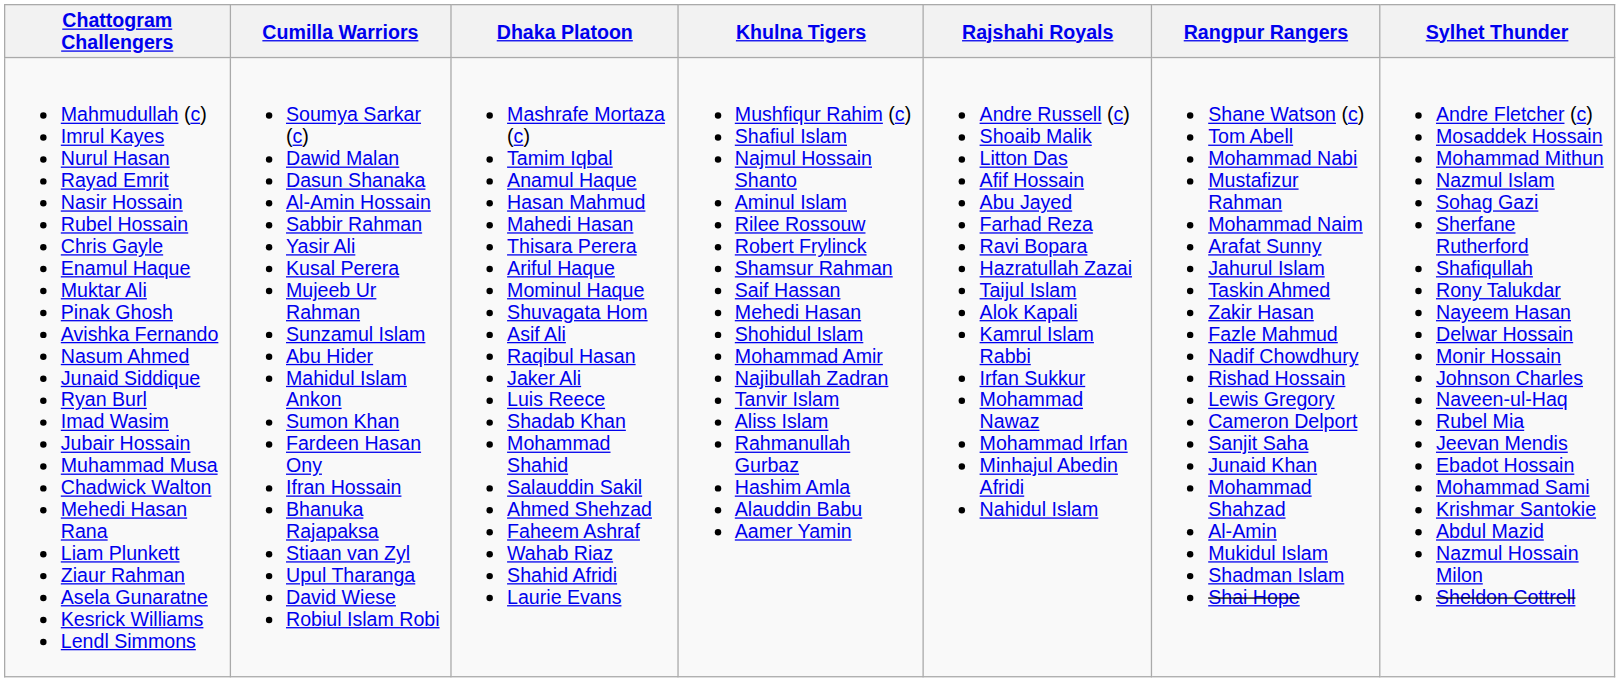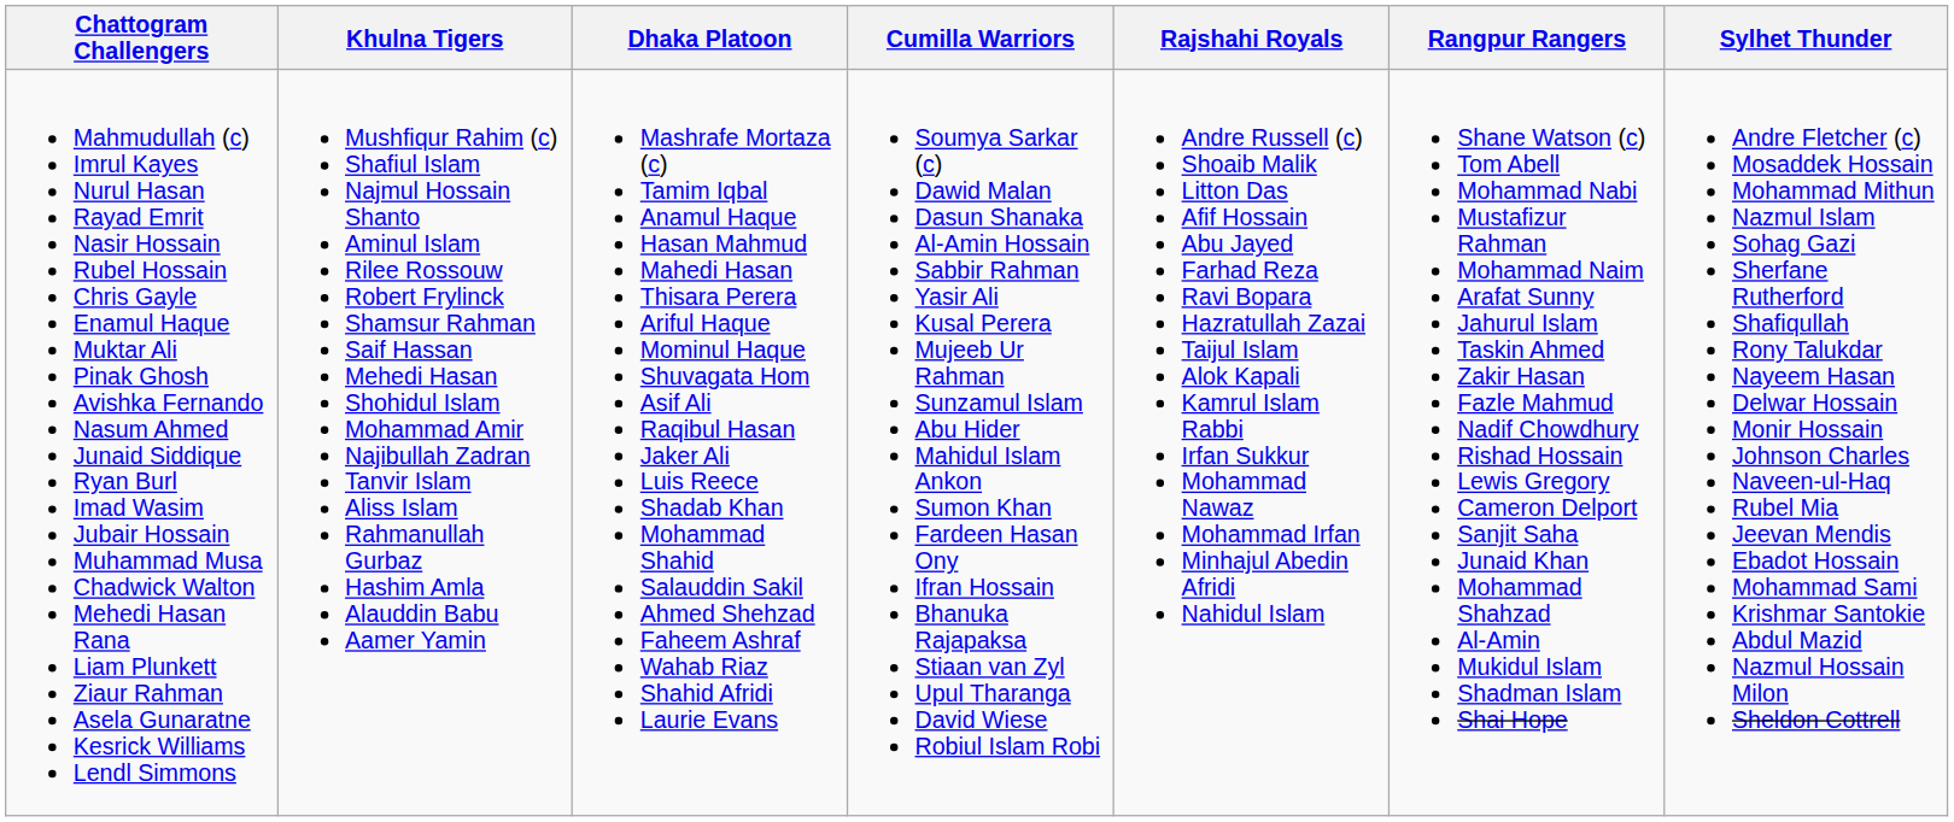 <table class="wikitable" Style="font-size:95%;">
 <tr>
 <th><a href='#'>Chattogram Challengers</a> <br><small></small></th>
+<th><a href='#'>Khulna Tigers</a> <br><small></small></th>
+<th><a href='#'>Dhaka Platoon</a> <br><small></small></th>
 <th><a href='#'>Cumilla Warriors</a> <br><small></small></th>
-<th><a href='#'>Dhaka Platoon</a> <br><small></small></th>
-<th><a href='#'>Khulna Tigers</a> <br><small></small></th>
 <th><a href='#'>Rajshahi Royals</a> <br><small></small></th>
 <th><a href='#'>Rangpur Rangers</a> <br><small></small></th>
 <th><a href='#'>Sylhet Thunder</a> <br><small></small></th>
 </tr>
 <tr>
 <td valign=top><br><ul><li><a href='#'>Mahmudullah</a> (<a href='#'>c</a>)</li><li><a href='#'>Imrul Kayes</a></li><li><a href='#'>Nurul Hasan</a></li><li><a href='#'>Rayad Emrit</a></li><li><a href='#'>Nasir Hossain</a></li><li><a href='#'>Rubel Hossain</a></li><li><a href='#'>Chris Gayle</a></li><li><a href='#'>Enamul Haque</a></li><li><a href='#'>Muktar Ali</a></li><li><a href='#'>Pinak Ghosh</a></li><li><a href='#'>Avishka Fernando</a></li><li><a href='#'>Nasum Ahmed</a></li><li><a href='#'>Junaid Siddique</a></li><li><a href='#'>Ryan Burl</a></li><li><a href='#'>Imad Wasim</a></li><li><a href='#'>Jubair Hossain</a></li><li><a href='#'>Muhammad Musa</a></li><li><a href='#'>Chadwick Walton</a></li><li><a href='#'>Mehedi Hasan Rana</a></li><li><a href='#'>Liam Plunkett</a></li><li><a href='#'>Ziaur Rahman</a></li><li><a href='#'>Asela Gunaratne</a></li><li><a href='#'>Kesrick Williams</a></li><li><a href='#'>Lendl Simmons</a></li></ul></td>
+<td valign=top><br><ul><li><a href='#'>Mushfiqur Rahim</a> (<a href='#'>c</a>)</li><li><a href='#'>Shafiul Islam</a></li><li><a href='#'>Najmul Hossain Shanto</a></li><li><a href='#'>Aminul Islam</a></li><li><a href='#'>Rilee Rossouw</a></li><li><a href='#'>Robert Frylinck</a></li><li><a href='#'>Shamsur Rahman</a></li><li><a href='#'>Saif Hassan</a></li><li><a href='#'>Mehedi Hasan</a></li><li><a href='#'>Shohidul Islam</a></li><li><a href='#'>Mohammad Amir</a></li><li><a href='#'>Najibullah Zadran</a></li><li><a href='#'>Tanvir Islam</a></li><li><a href='#'>Aliss Islam</a></li><li><a href='#'>Rahmanullah Gurbaz</a></li><li><a href='#'>Hashim Amla</a></li><li><a href='#'>Alauddin Babu</a></li><li><a href='#'>Aamer Yamin</a></li></ul></td>
+<td valign=top><br><ul><li><a href='#'>Mashrafe Mortaza</a> (<a href='#'>c</a>)</li><li><a href='#'>Tamim Iqbal</a></li><li><a href='#'>Anamul Haque</a></li><li><a href='#'>Hasan Mahmud</a></li><li><a href='#'>Mahedi Hasan</a></li><li><a href='#'>Thisara Perera</a></li><li><a href='#'>Ariful Haque</a></li><li><a href='#'>Mominul Haque</a></li><li><a href='#'>Shuvagata Hom</a></li><li><a href='#'>Asif Ali</a></li><li><a href='#'>Raqibul Hasan</a></li><li><a href='#'>Jaker Ali</a></li><li><a href='#'>Luis Reece</a></li><li><a href='#'>Shadab Khan</a></li><li><a href='#'>Mohammad Shahid</a></li><li><a href='#'>Salauddin Sakil</a></li><li><a href='#'>Ahmed Shehzad</a></li><li><a href='#'>Faheem Ashraf</a></li><li><a href='#'>Wahab Riaz</a> </li><li><a href='#'>Shahid Afridi</a> </li><li><a href='#'>Laurie Evans</a></li></ul></td>
 <td valign=top><br><ul><li><a href='#'>Soumya Sarkar</a> (<a href='#'>c</a>)</li><li><a href='#'>Dawid Malan</a></li><li><a href='#'>Dasun Shanaka</a></li><li><a href='#'>Al-Amin Hossain</a></li><li><a href='#'>Sabbir Rahman</a></li><li><a href='#'>Yasir Ali</a></li><li><a href='#'>Kusal Perera</a></li><li><a href='#'>Mujeeb Ur Rahman</a></li><li><a href='#'>Sunzamul Islam</a></li><li><a href='#'>Abu Hider</a></li><li><a href='#'>Mahidul Islam Ankon</a></li><li><a href='#'>Sumon Khan</a></li><li><a href='#'>Fardeen Hasan Ony</a></li><li><a href='#'>Ifran Hossain</a></li><li><a href='#'>Bhanuka Rajapaksa</a></li><li><a href='#'>Stiaan van Zyl</a></li><li><a href='#'>Upul Tharanga</a></li><li><a href='#'>David Wiese</a></li><li><a href='#'>Robiul Islam Robi</a></li></ul></td>
-<td valign=top><br><ul><li><a href='#'>Mashrafe Mortaza</a> (<a href='#'>c</a>)</li><li><a href='#'>Tamim Iqbal</a></li><li><a href='#'>Anamul Haque</a></li><li><a href='#'>Hasan Mahmud</a></li><li><a href='#'>Mahedi Hasan</a></li><li><a href='#'>Thisara Perera</a></li><li><a href='#'>Ariful Haque</a></li><li><a href='#'>Mominul Haque</a></li><li><a href='#'>Shuvagata Hom</a></li><li><a href='#'>Asif Ali</a></li><li><a href='#'>Raqibul Hasan</a></li><li><a href='#'>Jaker Ali</a></li><li><a href='#'>Luis Reece</a></li><li><a href='#'>Shadab Khan</a></li><li><a href='#'>Mohammad Shahid</a></li><li><a href='#'>Salauddin Sakil</a></li><li><a href='#'>Ahmed Shehzad</a></li><li><a href='#'>Faheem Ashraf</a></li><li><a href='#'>Wahab Riaz</a> </li><li><a href='#'>Shahid Afridi</a> </li><li><a href='#'>Laurie Evans</a></li></ul></td>
-<td valign=top><br><ul><li><a href='#'>Mushfiqur Rahim</a> (<a href='#'>c</a>)</li><li><a href='#'>Shafiul Islam</a></li><li><a href='#'>Najmul Hossain Shanto</a></li><li><a href='#'>Aminul Islam</a></li><li><a href='#'>Rilee Rossouw</a></li><li><a href='#'>Robert Frylinck</a></li><li><a href='#'>Shamsur Rahman</a></li><li><a href='#'>Saif Hassan</a></li><li><a href='#'>Mehedi Hasan</a></li><li><a href='#'>Shohidul Islam</a></li><li><a href='#'>Mohammad Amir</a></li><li><a href='#'>Najibullah Zadran</a></li><li><a href='#'>Tanvir Islam</a></li><li><a href='#'>Aliss Islam</a></li><li><a href='#'>Rahmanullah Gurbaz</a></li><li><a href='#'>Hashim Amla</a></li><li><a href='#'>Alauddin Babu</a></li><li><a href='#'>Aamer Yamin</a></li></ul></td>
 <td valign=top><br><ul><li><a href='#'>Andre Russell</a> (<a href='#'>c</a>)</li><li><a href='#'>Shoaib Malik</a></li><li><a href='#'>Litton Das</a></li><li><a href='#'>Afif Hossain</a></li><li><a href='#'>Abu Jayed</a></li><li><a href='#'>Farhad Reza</a></li><li><a href='#'>Ravi Bopara</a></li><li><a href='#'>Hazratullah Zazai</a></li><li><a href='#'>Taijul Islam</a></li><li><a href='#'>Alok Kapali</a></li><li><a href='#'>Kamrul Islam Rabbi</a></li><li><a href='#'>Irfan Sukkur</a></li><li><a href='#'>Mohammad Nawaz</a></li><li><a href='#'>Mohammad Irfan</a></li><li><a href='#'>Minhajul Abedin Afridi</a></li><li><a href='#'>Nahidul Islam</a></li></ul></td>
 <td valign=top><br><ul><li><a href='#'>Shane Watson</a> (<a href='#'>c</a>)</li><li><a href='#'>Tom Abell</a></li><li><a href='#'>Mohammad Nabi</a></li><li><a href='#'>Mustafizur Rahman</a></li><li><a href='#'>Mohammad Naim</a></li><li><a href='#'>Arafat Sunny</a></li><li><a href='#'>Jahurul Islam</a></li><li><a href='#'>Taskin Ahmed</a></li><li><a href='#'>Zakir Hasan</a></li><li><a href='#'>Fazle Mahmud</a></li><li><a href='#'>Nadif Chowdhury</a></li><li><a href='#'>Rishad Hossain</a></li><li><a href='#'>Lewis Gregory</a></li><li><a href='#'>Cameron Delport</a></li><li><a href='#'>Sanjit Saha</a></li><li><a href='#'>Junaid Khan</a></li><li><a href='#'>Mohammad Shahzad</a></li><li><a href='#'>Al-Amin</a></li><li><a href='#'>Mukidul Islam</a></li><li><a href='#'>Shadman Islam</a></li><li><s><a href='#'>Shai Hope</a></s></li></ul></td>
 <td valign=top><br><ul><li><a href='#'>Andre Fletcher</a> (<a href='#'>c</a>)</li><li><a href='#'>Mosaddek Hossain</a></li><li><a href='#'>Mohammad Mithun</a></li><li><a href='#'>Nazmul Islam</a></li><li><a href='#'>Sohag Gazi</a></li><li><a href='#'>Sherfane Rutherford</a></li><li><a href='#'>Shafiqullah</a></li><li><a href='#'>Rony Talukdar</a></li><li><a href='#'>Nayeem Hasan</a></li><li><a href='#'>Delwar Hossain</a></li><li><a href='#'>Monir Hossain</a></li><li><a href='#'>Johnson Charles</a></li><li><a href='#'>Naveen-ul-Haq</a></li><li><a href='#'>Rubel Mia</a></li><li><a href='#'>Jeevan Mendis</a></li><li><a href='#'>Ebadot Hossain</a></li><li><a href='#'>Mohammad Sami</a></li><li><a href='#'>Krishmar Santokie</a></li><li><a href='#'>Abdul Mazid</a></li><li><a href='#'>Nazmul Hossain Milon</a></li><li><s><a href='#'>Sheldon Cottrell</a></s></li></ul></td>
 </tr>
 </table>
